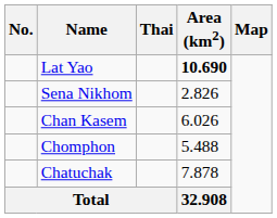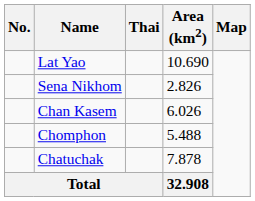 <table class="wikitable sortable">
 <tr>
 <th>No.</th>
 <th>Name</th>
 <th>Thai</th>
 <th>Area<br>(km<sup>2</sup>)</th>
 <th>Map</th>
 </tr>
 <tr>
 <td></td>
 <td><a href='#'>Lat Yao</a></td>
 <td></td>
-<td><strong><div>10.690</div></strong></td>
+<td><div>10.690</div></td>
 <td rowspan=6></td>
 </tr>
 <tr>
 <td></td>
 <td><a href='#'>Sena Nikhom</a></td>
 <td></td>
 <td><div>2.826</div></td>
 </tr>
 <tr>
 <td></td>
 <td><a href='#'>Chan Kasem</a></td>
 <td></td>
 <td><div>6.026</div></td>
 </tr>
 <tr>
 <td></td>
 <td><a href='#'>Chomphon</a></td>
 <td></td>
 <td><div>5.488</div></td>
 </tr>
 <tr>
 <td></td>
 <td><a href='#'>Chatuchak</a></td>
 <td></td>
 <td><div>7.878</div></td>
 </tr>
 <tr>
 <th colspan=3>Total</th>
 <th><div>32.908</div></th>
 </tr>
 </table>
